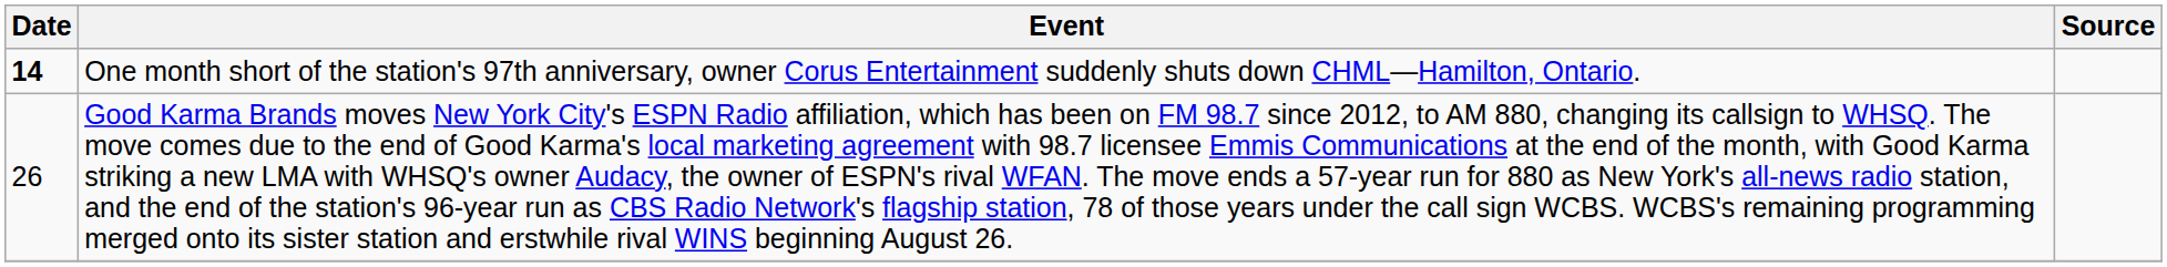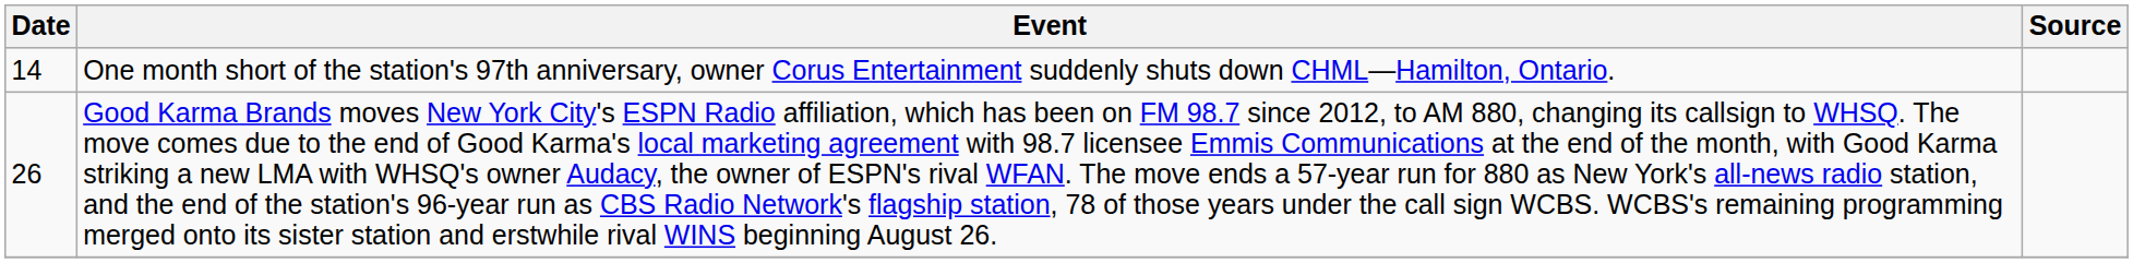 <table class=wikitable>
 <tr>
 <th>Date</th>
 <th>Event</th>
 <th>Source</th>
 </tr>
 <tr>
-<td><strong>14</strong></td>
+<td>14</td>
 <td>One month short of the station's 97th anniversary, owner <a href='#'>Corus Entertainment</a> suddenly shuts down <a href='#'>CHML</a>—<a href='#'>Hamilton, Ontario</a>.</td>
 <td></td>
 </tr>
 <tr>
 <td>26</td>
 <td><a href='#'>Good Karma Brands</a> moves <a href='#'>New York City</a>'s <a href='#'>ESPN Radio</a> affiliation, which has been on <a href='#'>FM 98.7</a> since 2012, to AM 880, changing its callsign to <a href='#'>WHSQ</a>. The move comes due to the end of Good Karma's <a href='#'>local marketing agreement</a> with 98.7 licensee <a href='#'>Emmis Communications</a> at the end of the month, with Good Karma striking a new LMA with WHSQ's owner <a href='#'>Audacy</a>, the owner of ESPN's rival <a href='#'>WFAN</a>. The move ends a 57-year run for 880 as New York's <a href='#'>all-news radio</a> station, and the end of the station's 96-year run as <a href='#'>CBS Radio Network</a>'s <a href='#'>flagship station</a>, 78 of those years under the call sign WCBS. WCBS's  remaining programming merged onto its sister station and erstwhile rival <a href='#'>WINS</a> beginning August 26.</td>
 <td></td>
 </tr>
 <tr>
 </tr>
 </table>
